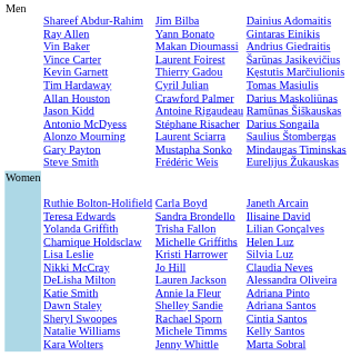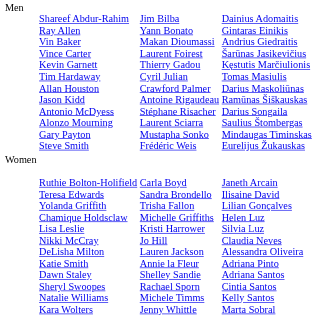 <table>
 <tr valign="top">
 <td>Men <br></td>
 <td><br><a href='#'>Shareef Abdur-Rahim</a><br> <a href='#'>Ray Allen</a><br> <a href='#'>Vin Baker</a><br> <a href='#'>Vince Carter</a><br> <a href='#'>Kevin Garnett</a><br> <a href='#'>Tim Hardaway</a><br> <a href='#'>Allan Houston</a><br> <a href='#'>Jason Kidd</a><br> <a href='#'>Antonio McDyess</a><br> <a href='#'>Alonzo Mourning</a><br> <a href='#'>Gary Payton</a><br> <a href='#'>Steve Smith</a><br></td>
 <td><br><a href='#'>Jim Bilba</a><br> <a href='#'>Yann Bonato</a><br> <a href='#'>Makan Dioumassi</a><br> <a href='#'>Laurent Foirest</a><br> <a href='#'>Thierry Gadou</a><br> <a href='#'>Cyril Julian</a><br> <a href='#'>Crawford Palmer</a><br> <a href='#'>Antoine Rigaudeau</a><br> <a href='#'>Stéphane Risacher</a><br> <a href='#'>Laurent Sciarra</a><br> <a href='#'>Mustapha Sonko</a><br> <a href='#'>Frédéric Weis</a><br></td>
 <td><br><a href='#'>Dainius Adomaitis</a><br> <a href='#'>Gintaras Einikis</a><br> <a href='#'>Andrius Giedraitis</a><br> <a href='#'>Šarūnas Jasikevičius</a><br> <a href='#'>Kęstutis Marčiulionis</a><br> <a href='#'>Tomas Masiulis</a><br> <a href='#'>Darius Maskoliūnas</a><br> <a href='#'>Ramūnas Šiškauskas</a><br> <a href='#'>Darius Songaila</a><br> <a href='#'>Saulius Štombergas</a><br> <a href='#'>Mindaugas Timinskas</a><br> <a href='#'>Eurelijus Žukauskas</a><br></td>
 </tr>
 <tr valign="top">
-<td style="background: lightblue;">Women <br></td>
+<td>Women <br></td>
 <td><br><br><a href='#'>Ruthie Bolton-Holifield</a><br> <a href='#'>Teresa Edwards</a><br> <a href='#'>Yolanda Griffith</a><br> <a href='#'>Chamique Holdsclaw</a><br> <a href='#'>Lisa Leslie</a><br> <a href='#'>Nikki McCray</a><br> <a href='#'>DeLisha Milton</a><br> <a href='#'>Katie Smith</a><br> <a href='#'>Dawn Staley</a><br> <a href='#'>Sheryl Swoopes</a><br> <a href='#'>Natalie Williams</a><br> <a href='#'>Kara Wolters</a><br></td>
 <td><br><br><a href='#'>Carla Boyd</a><br> <a href='#'>Sandra Brondello</a><br> <a href='#'>Trisha Fallon</a><br> <a href='#'>Michelle Griffiths</a><br> <a href='#'>Kristi Harrower</a><br> <a href='#'>Jo Hill</a><br> <a href='#'>Lauren Jackson</a><br> <a href='#'>Annie la Fleur</a><br> <a href='#'>Shelley Sandie</a><br> <a href='#'>Rachael Sporn</a><br> <a href='#'>Michele Timms</a><br> <a href='#'>Jenny Whittle</a><br></td>
 <td><br><br><a href='#'>Janeth Arcain</a><br> <a href='#'>Ilisaine David</a><br> <a href='#'>Lilian Gonçalves</a><br> <a href='#'>Helen Luz</a><br> <a href='#'>Silvia Luz</a><br> <a href='#'>Claudia Neves</a><br> <a href='#'>Alessandra Oliveira</a><br> <a href='#'>Adriana Pinto</a><br> <a href='#'>Adriana Santos</a><br> <a href='#'>Cintia Santos</a><br> <a href='#'>Kelly Santos</a><br> <a href='#'>Marta Sobral</a><br></td>
 </tr>
 </table>
